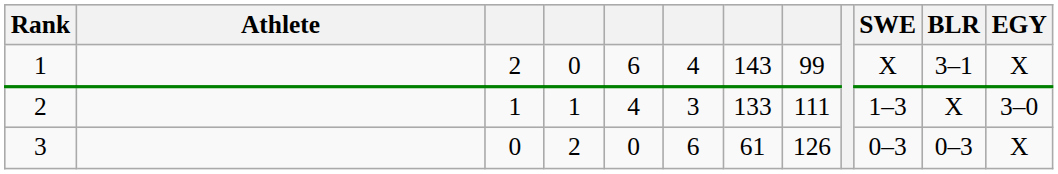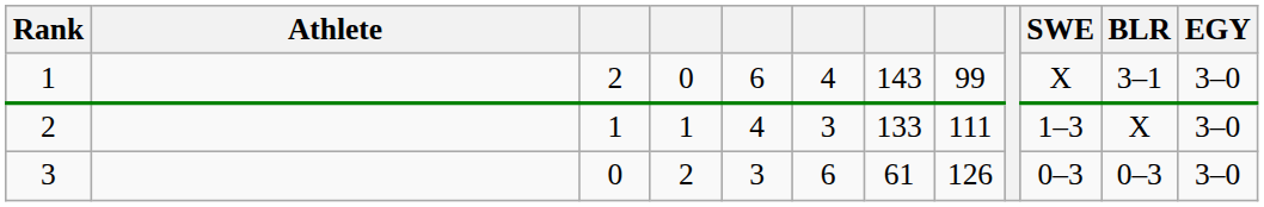 <table class="wikitable" style="text-align:center">
 <tr>
 <th>Rank</th>
 <th width=250>Athlete</th>
 <th width=30></th>
 <th width=30></th>
 <th width=30></th>
 <th width=30></th>
 <th width=30></th>
 <th width=30></th>
 <th rowspan=4></th>
 <th width=30>SWE</th>
 <th width=30>BLR</th>
 <th width=30>EGY</th>
 </tr>
 <tr style="border-bottom:2px solid green;">
 <td>1</td>
 <td align=left></td>
 <td>2</td>
 <td>0</td>
 <td>6</td>
 <td>4</td>
 <td>143</td>
 <td>99</td>
 <td>X</td>
 <td>3–1</td>
-<td>X</td>
+<td>3–0</td>
 </tr>
 <tr>
 <td>2</td>
 <td align=left></td>
 <td>1</td>
 <td>1</td>
 <td>4</td>
 <td>3</td>
 <td>133</td>
 <td>111</td>
 <td>1–3</td>
 <td>X</td>
 <td>3–0</td>
 </tr>
 <tr>
 <td>3</td>
 <td align=left></td>
 <td>0</td>
 <td>2</td>
-<td>0</td>
+<td>3</td>
 <td>6</td>
 <td>61</td>
 <td>126</td>
 <td>0–3</td>
 <td>0–3</td>
-<td>X</td>
+<td>3–0</td>
 </tr>
 </table>
